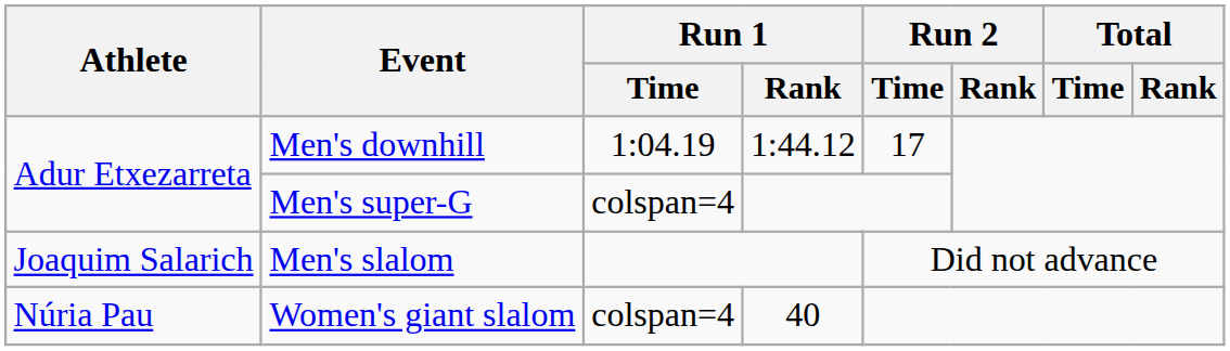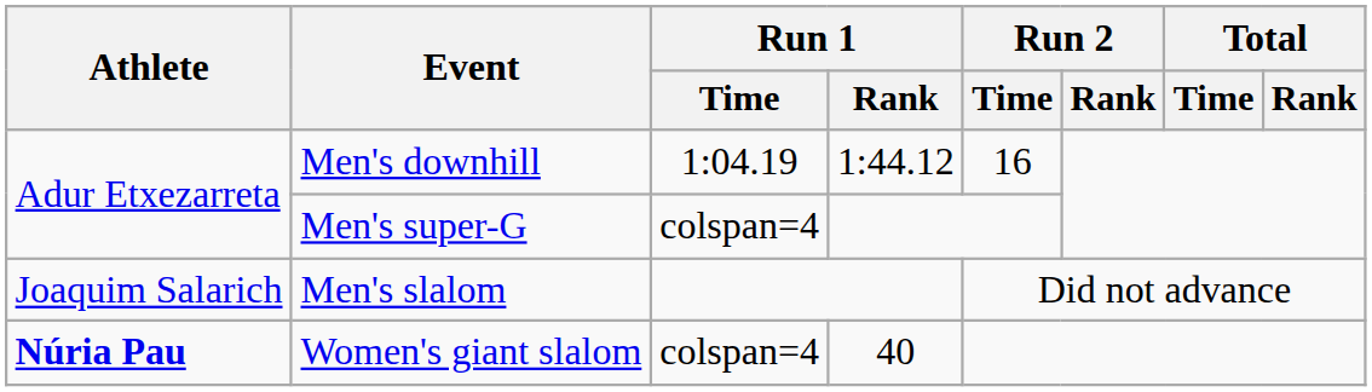 <table class="wikitable" style="font-size:90%">
 <tr>
 <th rowspan=2>Athlete</th>
 <th rowspan=2>Event</th>
 <th colspan=2>Run 1</th>
 <th colspan=2>Run 2</th>
 <th colspan=2>Total</th>
 </tr>
 <tr style="font-size:95%">
 <th>Time</th>
 <th>Rank</th>
 <th>Time</th>
 <th>Rank</th>
 <th>Time</th>
 <th>Rank</th>
 </tr>
 <tr align=center>
 <td align="left" rowspan=2><a href='#'>Adur Etxezarreta</a></td>
 <td align=left><a href='#'>Men's downhill</a></td>
 <td>1:04.19</td>
 <td>1:44.12</td>
-<td>17</td>
+<td>16</td>
 </tr>
 <tr align=center>
 <td align=left><a href='#'>Men's super-G</a></td>
 <td>colspan=4 </td>
 <td colspan=2></td>
 </tr>
 <tr align=center>
 <td align="left"><a href='#'>Joaquim Salarich</a></td>
 <td align=left><a href='#'>Men's slalom</a></td>
 <td colspan=2></td>
 <td colspan=4>Did not advance</td>
 </tr>
 <tr align=center>
-<td align="left"><a href='#'>Núria Pau</a></td>
+<td align="left"><strong><a href='#'>Núria Pau</a></strong></td>
 <td align=left><a href='#'>Women's giant slalom</a></td>
 <td>colspan=4 </td>
 <td>40</td>
 <td colspan=4></td>
 </tr>
 </table>
